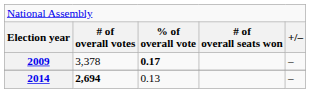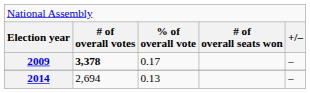 <table class=wikitable>
 <tr>
 <td colspan=6><a href='#'>National Assembly</a></td>
 </tr>
 <tr>
 <th>Election year</th>
 <th># of<br>overall votes</th>
 <th>% of<br>overall vote</th>
 <th># of<br>overall seats won</th>
 <th>+/–</th>
 </tr>
 <tr>
 <th><a href='#'>2009</a></th>
-<td>3,378</td>
-<td><strong>0.17</strong></td>
+<td><strong>3,378</strong></td>
+<td>0.17</td>
 <td></td>
 <td>–</td>
 </tr>
 <tr>
 </tr>
 <tr>
 <th><a href='#'>2014</a></th>
-<td><strong>2,694</strong></td>
+<td>2,694</td>
 <td>0.13</td>
 <td></td>
 <td>–</td>
 </tr>
 </table>
